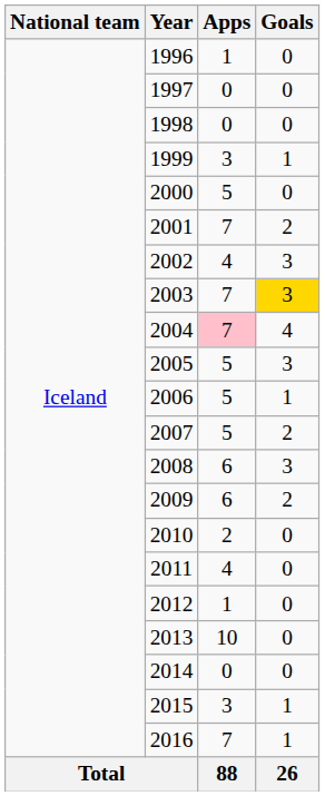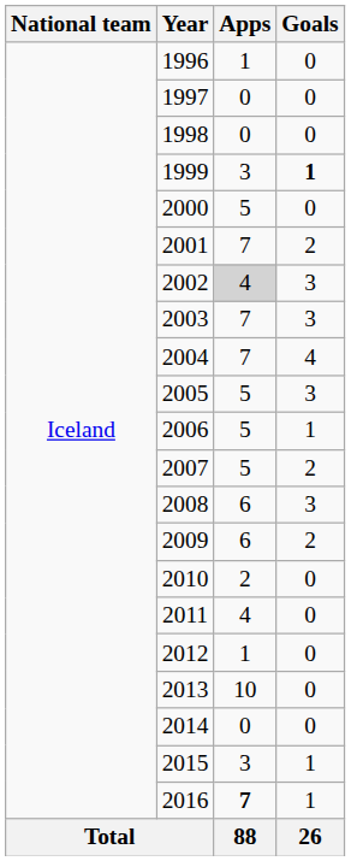 <table class="wikitable" style="text-align:center">
 <tr>
 <th>National team</th>
 <th>Year</th>
 <th>Apps</th>
 <th>Goals</th>
 </tr>
 <tr>
 <td rowspan="21"><a href='#'>Iceland</a></td>
 <td>1996</td>
 <td>1</td>
 <td>0</td>
 </tr>
 <tr>
 <td>1997</td>
 <td>0</td>
 <td>0</td>
 </tr>
 <tr>
 <td>1998</td>
 <td>0</td>
 <td>0</td>
 </tr>
 <tr>
 <td>1999</td>
 <td>3</td>
-<td>1</td>
+<td><strong>1</strong></td>
 </tr>
 <tr>
 <td>2000</td>
 <td>5</td>
 <td>0</td>
 </tr>
 <tr>
 <td>2001</td>
 <td>7</td>
 <td>2</td>
 </tr>
 <tr>
 <td>2002</td>
-<td>4</td>
+<td style="background: lightgrey;">4</td>
 <td>3</td>
 </tr>
 <tr>
 <td>2003</td>
 <td>7</td>
-<td style="background: gold;">3</td>
+<td>3</td>
 </tr>
 <tr>
 <td>2004</td>
-<td style="background: pink;">7</td>
+<td>7</td>
 <td>4</td>
 </tr>
 <tr>
 <td>2005</td>
 <td>5</td>
 <td>3</td>
 </tr>
 <tr>
 <td>2006</td>
 <td>5</td>
 <td>1</td>
 </tr>
 <tr>
 <td>2007</td>
 <td>5</td>
 <td>2</td>
 </tr>
 <tr>
 <td>2008</td>
 <td>6</td>
 <td>3</td>
 </tr>
 <tr>
 <td>2009</td>
 <td>6</td>
 <td>2</td>
 </tr>
 <tr>
 <td>2010</td>
 <td>2</td>
 <td>0</td>
 </tr>
 <tr>
 <td>2011</td>
 <td>4</td>
 <td>0</td>
 </tr>
 <tr>
 <td>2012</td>
 <td>1</td>
 <td>0</td>
 </tr>
 <tr>
 <td>2013</td>
 <td>10</td>
 <td>0</td>
 </tr>
 <tr>
 <td>2014</td>
 <td>0</td>
 <td>0</td>
 </tr>
 <tr>
 <td>2015</td>
 <td>3</td>
 <td>1</td>
 </tr>
 <tr>
 <td>2016</td>
-<td>7</td>
+<td><strong>7</strong></td>
 <td>1</td>
 </tr>
 <tr>
 <th colspan="2">Total</th>
 <th>88</th>
 <th>26</th>
 </tr>
 </table>
